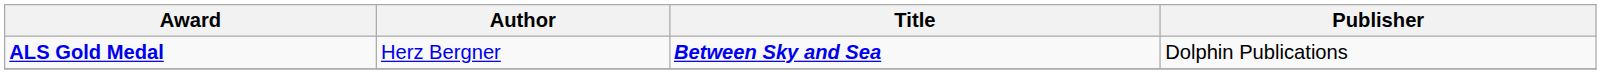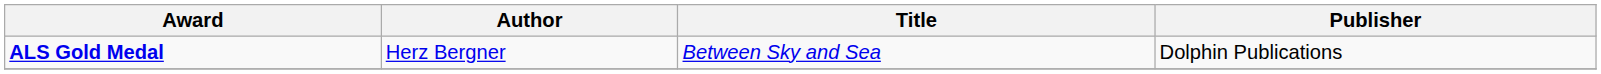 <table class="wikitable" width=100%>
 <tr>
 <th>Award</th>
 <th>Author</th>
 <th>Title</th>
 <th>Publisher</th>
 </tr>
 <tr>
 <td><strong><a href='#'>ALS Gold Medal</a></strong></td>
 <td><a href='#'>Herz Bergner</a></td>
-<td><strong><em><a href='#'>Between Sky and Sea</a></em></strong></td>
+<td><em><a href='#'>Between Sky and Sea</a></em></td>
 <td>Dolphin Publications</td>
 </tr>
 <tr>
 </tr>
 </table>
